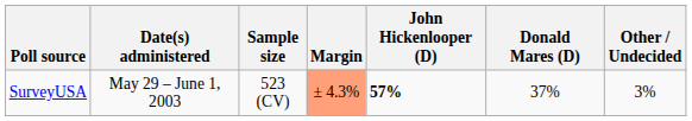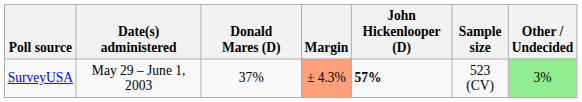 <table class="wikitable" style="font-size:90%">
 <tr valign=bottom>
 <th>Poll source</th>
 <th>Date(s)<br>administered</th>
-<th>Sample<br>size</th>
+<th style="width:100px;">Donald<br>Mares (D)</th>
 <th>Margin<br></th>
 <th style="width:100px;">John<br>Hickenlooper (D)</th>
-<th style="width:100px;">Donald<br>Mares (D)</th>
+<th>Sample<br>size</th>
 <th>Other /<br>Undecided</th>
 </tr>
 <tr>
 <td><a href='#'>SurveyUSA</a></td>
 <td align=center>May 29 – June 1, 2003</td>
-<td align=center>523 (CV)</td>
+<td align=center>37%</td>
 <td align=center style="background: lightsalmon;">± 4.3%</td>
 <td><strong>57%</strong></td>
-<td align=center>37%</td>
-<td align=center>3%</td>
+<td align=center>523 (CV)</td>
+<td align=center style="background: lightgreen;">3%</td>
 </tr>
 </table>
